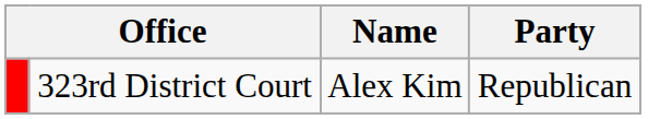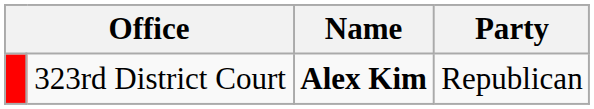 <table class="wikitable">
 <tr>
 <th colspan="2">Office</th>
 <th>Name</th>
 <th>Party</th>
 </tr>
 <tr>
 <td style="background:red"> </td>
 <td>323rd District Court</td>
-<td>Alex Kim</td>
+<td><strong>Alex Kim</strong></td>
 <td>Republican</td>
 </tr>
 </table>
